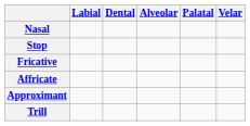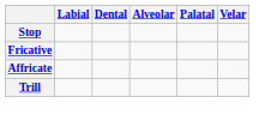 <table class="wikitable" style="text-align: center">
 <tr style="vertical-align: center;">
 <th> </th>
 <th><a href='#'>Labial</a></th>
 <th><a href='#'>Dental</a></th>
 <th><a href='#'>Alveolar</a></th>
 <th><a href='#'>Palatal</a></th>
 <th><a href='#'>Velar</a></th>
-</tr>
-<tr>
-<th><a href='#'>Nasal</a></th>
-<td></td>
-<td></td>
-<td></td>
-<td></td>
-<td></td>
 </tr>
 <tr>
 <th><a href='#'>Stop</a></th>
 <td> </td>
 <td> </td>
 <td></td>
 <td></td>
 <td> </td>
 </tr>
 <tr>
 <th><a href='#'>Fricative</a></th>
 <td></td>
 <td></td>
 <td></td>
 <td></td>
 <td></td>
 </tr>
 <tr>
 <th><a href='#'>Affricate</a></th>
 <td></td>
 <td></td>
 <td> </td>
 <td></td>
 <td></td>
 </tr>
 <tr>
-<th><a href='#'>Approximant</a></th>
-<td></td>
-<td></td>
-<td></td>
-<td></td>
-<td></td>
-</tr>
-<tr>
 <th><a href='#'>Trill</a></th>
 <td></td>
 <td></td>
 <td></td>
 <td></td>
 <td></td>
 </tr>
 </table>
